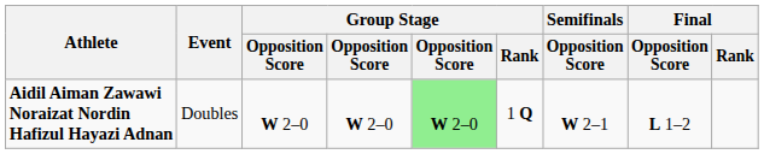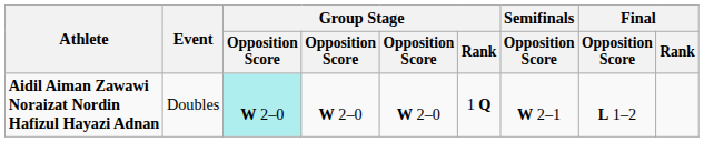 <table class="wikitable" style="font-size:90%">
 <tr>
 <th rowspan=2>Athlete</th>
 <th rowspan=2>Event</th>
 <th colspan="4">Group Stage</th>
 <th>Semifinals</th>
 <th colspan=2>Final</th>
 </tr>
 <tr style="font-size:95%">
 <th>Opposition<br>Score</th>
 <th>Opposition<br>Score</th>
 <th>Opposition<br>Score</th>
 <th>Rank</th>
 <th>Opposition<br>Score</th>
 <th>Opposition<br>Score</th>
 <th>Rank</th>
 </tr>
 <tr align=center>
 <td align=left><strong>Aidil Aiman Zawawi<br>Noraizat Nordin<br>Hafizul Hayazi Adnan</strong></td>
 <td align=left>Doubles</td>
+<td style="background: paleturquoise;"><br><strong>W</strong> 2–0</td>
 <td><br><strong>W</strong> 2–0</td>
 <td><br><strong>W</strong> 2–0</td>
-<td style="background: lightgreen;"><br><strong>W</strong> 2–0</td>
 <td>1 <strong>Q</strong></td>
 <td><br><strong>W</strong> 2–1</td>
 <td><br><strong>L</strong> 1–2</td>
 <td></td>
 </tr>
 </table>
